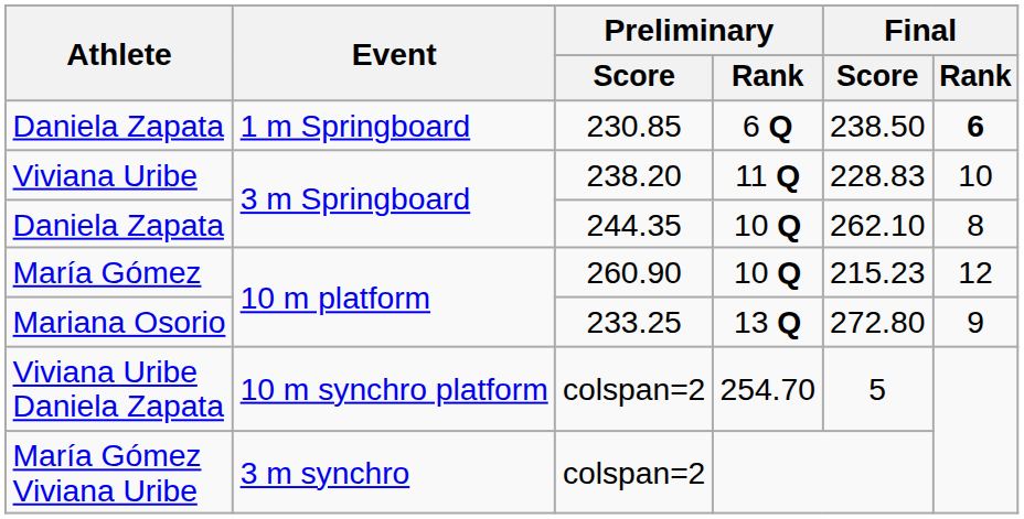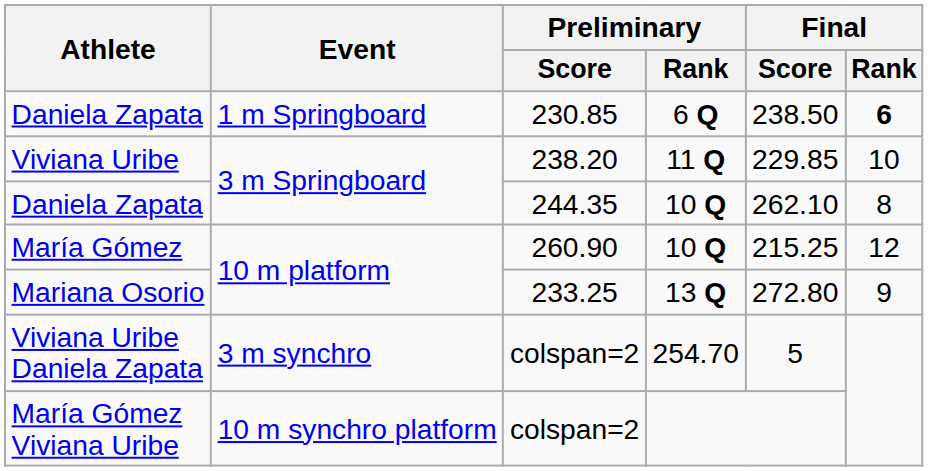 <table class=wikitable style=font-size:90%;text-align:center>
 <tr>
 <th rowspan=2>Athlete</th>
 <th rowspan=2>Event</th>
 <th colspan=2>Preliminary</th>
 <th colspan=2>Final</th>
 </tr>
 <tr style=font-size:95%>
 <th>Score</th>
 <th>Rank</th>
 <th>Score</th>
 <th>Rank</th>
 </tr>
 <tr>
 <td align="left"><a href='#'>Daniela Zapata</a></td>
 <td align="left"><a href='#'>1 m Springboard</a></td>
 <td>230.85</td>
 <td>6 <strong>Q</strong></td>
 <td>238.50</td>
 <td><strong>6</strong></td>
 </tr>
 <tr>
 <td align="left"><a href='#'>Viviana Uribe</a></td>
 <td rowspan="2" align="left"><a href='#'>3 m Springboard</a></td>
 <td>238.20</td>
 <td>11 <strong>Q</strong></td>
-<td>228.83</td>
+<td>229.85</td>
 <td>10</td>
 </tr>
 <tr>
 <td align="left"><a href='#'>Daniela Zapata</a></td>
 <td>244.35</td>
 <td>10 <strong>Q</strong></td>
 <td>262.10</td>
 <td>8</td>
 </tr>
 <tr>
 <td align="left"><a href='#'>María Gómez</a></td>
 <td rowspan="2" align="left"><a href='#'>10 m platform</a></td>
 <td>260.90</td>
 <td>10 <strong>Q</strong></td>
-<td>215.23</td>
+<td>215.25</td>
 <td>12</td>
 </tr>
 <tr>
 <td align="left"><a href='#'>Mariana Osorio</a></td>
 <td>233.25</td>
 <td>13 <strong>Q</strong></td>
 <td>272.80</td>
 <td>9</td>
 </tr>
 <tr>
 <td align=left><a href='#'>Viviana Uribe</a><br><a href='#'>Daniela Zapata</a></td>
-<td align=left><a href='#'>10 m synchro platform</a></td>
+<td align=left><a href='#'>3 m synchro</a></td>
 <td>colspan=2 </td>
 <td>254.70</td>
 <td>5</td>
 </tr>
 <tr>
 <td align=left><a href='#'>María Gómez</a><br><a href='#'>Viviana Uribe</a></td>
-<td align=left><a href='#'>3 m synchro</a></td>
+<td align=left><a href='#'>10 m synchro platform</a></td>
 <td>colspan=2 </td>
 <td colspan=2></td>
 </tr>
 </table>
